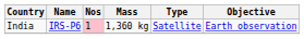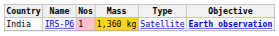 <table class="wikitable">
 <tr>
 <th>Country</th>
 <th>Name</th>
 <th>Nos</th>
 <th>Mass</th>
 <th>Type</th>
 <th>Objective</th>
 </tr>
 <tr>
 <td> India</td>
 <td><a href='#'>IRS-P6</a></td>
 <td style="background: pink;">1</td>
-<td>1,360 kg</td>
+<td style="background: gold;">1,360 kg</td>
 <td><a href='#'>Satellite</a></td>
-<td><a href='#'>Earth observation</a></td>
+<td><strong><a href='#'>Earth observation</a></strong></td>
 </tr>
 <tr>
 </tr>
 </table>
